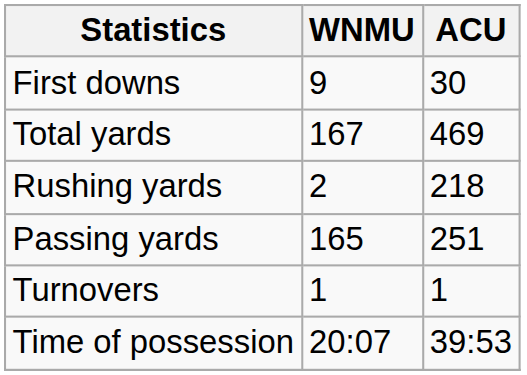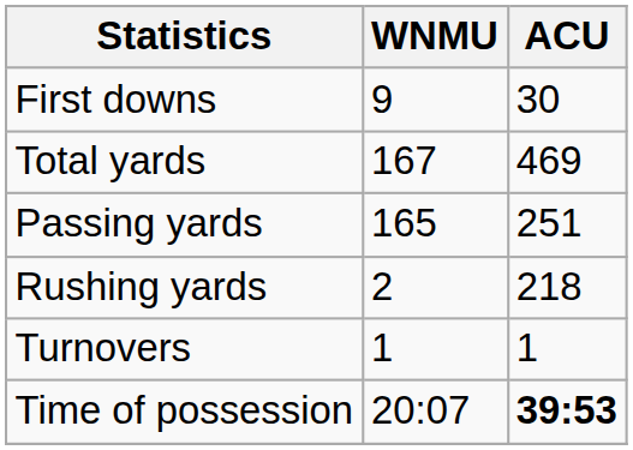 <table class="wikitable">
 <tr>
 <th>Statistics</th>
 <th>WNMU</th>
 <th>ACU</th>
 </tr>
 <tr>
 <td>First downs</td>
 <td>9</td>
 <td>30</td>
 </tr>
 <tr>
 <td>Total yards</td>
 <td>167</td>
 <td>469</td>
 </tr>
 <tr>
+<td>Passing yards</td>
+<td>165</td>
+<td>251</td>
+</tr>
+<tr>
 <td>Rushing yards</td>
 <td>2</td>
 <td>218</td>
-</tr>
-<tr>
-<td>Passing yards</td>
-<td>165</td>
-<td>251</td>
 </tr>
 <tr>
 <td>Turnovers</td>
 <td>1</td>
 <td>1</td>
 </tr>
 <tr>
 <td>Time of possession</td>
 <td>20:07</td>
-<td>39:53</td>
+<td><strong>39:53</strong></td>
 </tr>
 <tr>
 </tr>
 </table>
